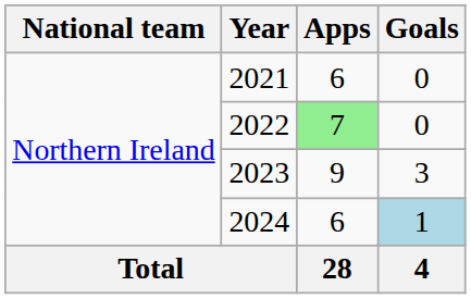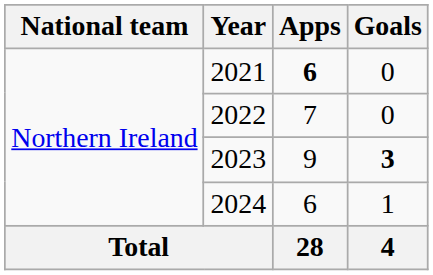 <table class=wikitable style="text-align: center;">
 <tr>
 <th>National team</th>
 <th>Year</th>
 <th>Apps</th>
 <th>Goals</th>
 </tr>
 <tr>
 <td rowspan="4"><a href='#'>Northern Ireland</a></td>
 <td>2021</td>
-<td>6</td>
+<td><strong>6</strong></td>
 <td>0</td>
 </tr>
 <tr>
 <td>2022</td>
-<td style="background: lightgreen;">7</td>
+<td>7</td>
 <td>0</td>
 </tr>
 <tr>
 <td>2023</td>
 <td>9</td>
-<td>3</td>
+<td><strong>3</strong></td>
 </tr>
 <tr>
 <td>2024</td>
 <td>6</td>
-<td style="background: lightblue;">1</td>
+<td>1</td>
 </tr>
 <tr>
 <th colspan="2">Total</th>
 <th>28</th>
 <th>4</th>
 </tr>
 </table>
